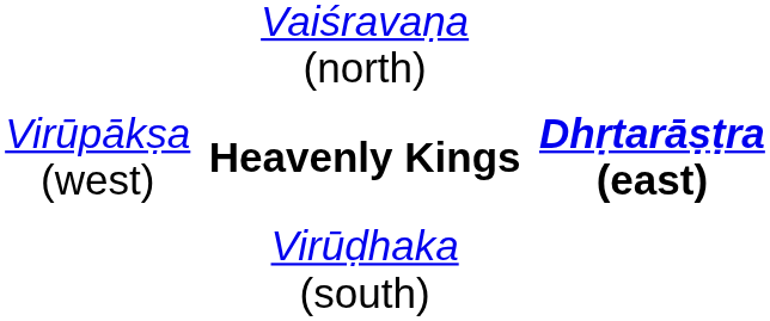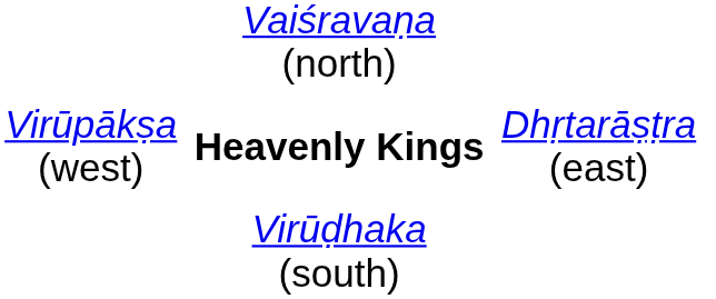 <table border="0" cellspacing="5">
 <tr>
 <td></td>
 <td align = "center"><em><a href='#'>Vaiśravaṇa</a></em><br>(north)</td>
 <td></td>
 </tr>
 <tr>
 <td align = "center"><em><a href='#'>Virūpākṣa</a></em><br>(west)</td>
 <td align = "center"><strong>Heavenly Kings</strong></td>
-<td align = "center"><strong><em><a href='#'>Dhṛtarāṣṭra</a></em><br>(east)</strong></td>
+<td align = "center"><em><a href='#'>Dhṛtarāṣṭra</a></em><br>(east)</td>
 </tr>
 <tr>
 <td></td>
 <td align = "center"><a href='#'><em>Virūḍhaka</em></a><br>(south)</td>
 <td></td>
 </tr>
 </table>
